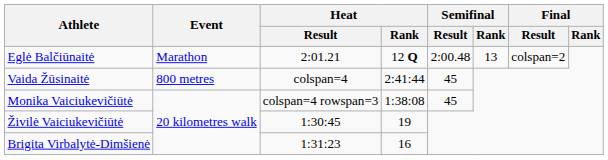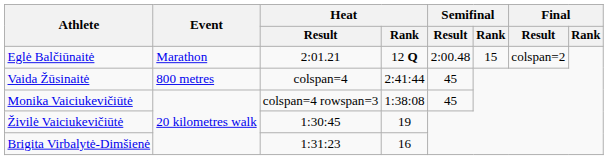 <table class="wikitable" style="font-size:90%">
 <tr>
 <th rowspan="2">Athlete</th>
 <th rowspan="2">Event</th>
 <th colspan="2">Heat</th>
 <th colspan="2">Semifinal</th>
 <th colspan="2">Final</th>
 </tr>
 <tr style="font-size:95%">
 <th>Result</th>
 <th>Rank</th>
 <th>Result</th>
 <th>Rank</th>
 <th>Result</th>
 <th>Rank</th>
 </tr>
 <tr style=text-align:center>
 <td style=text-align:left><a href='#'>Eglė Balčiūnaitė</a></td>
 <td style=text-align:left><a href='#'>Marathon</a></td>
 <td>2:01.21 <strong></strong></td>
 <td>12 <strong>Q</strong></td>
 <td>2:00.48 <strong></strong></td>
-<td>13</td>
+<td>15</td>
 <td>colspan=2 </td>
 </tr>
 <tr style=text-align:center>
 <td style=text-align:left><a href='#'>Vaida Žūsinaitė</a></td>
 <td style=text-align:left><a href='#'>800 metres</a></td>
 <td>colspan=4 </td>
 <td>2:41:44 <strong></strong></td>
 <td>45</td>
 </tr>
 <tr style=text-align:center>
 <td style=text-align:left><a href='#'>Monika Vaiciukevičiūtė</a></td>
 <td style=text-align:left rowspan=3><a href='#'>20 kilometres walk</a></td>
 <td>colspan=4 rowspan=3</td>
 <td>1:38:08</td>
 <td>45</td>
 </tr>
 <tr style=text-align:center>
 <td style=text-align:left><a href='#'>Živilė Vaiciukevičiūtė</a></td>
 <td>1:30:45 <strong></strong></td>
 <td>19</td>
 </tr>
 <tr style=text-align:center>
 <td style=text-align:left><a href='#'>Brigita Virbalytė-Dimšienė</a></td>
 <td>1:31:23 <strong></strong></td>
 <td>16</td>
 </tr>
 </table>
